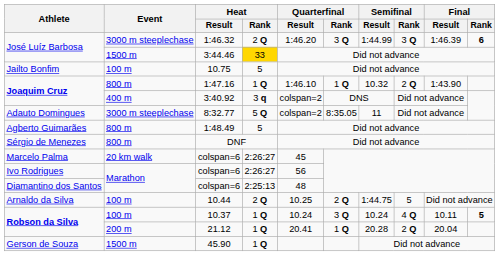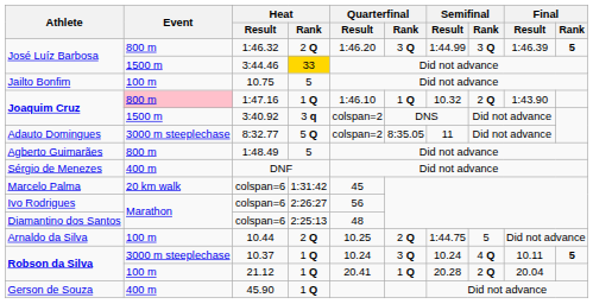 <table class="wikitable" style="font-size:90%">
 <tr>
 <th rowspan="2">Athlete</th>
 <th rowspan="2">Event</th>
 <th colspan="2">Heat</th>
 <th colspan="2">Quarterfinal</th>
 <th colspan="2">Semifinal</th>
 <th colspan="2">Final</th>
 </tr>
 <tr style="font-size:95%">
 <th>Result</th>
 <th>Rank</th>
 <th>Result</th>
 <th>Rank</th>
 <th>Result</th>
 <th>Rank</th>
 <th>Result</th>
 <th>Rank</th>
 </tr>
 <tr align=center>
 <td align=left rowspan="2"><a href='#'>José Luíz Barbosa</a></td>
-<td align=left><a href='#'>3000 m steeplechase</a></td>
+<td align=left><a href='#'>800 m</a></td>
 <td>1:46.32</td>
 <td>2 <strong>Q</strong></td>
 <td>1:46.20</td>
 <td>3 <strong>Q</strong></td>
 <td>1:44.99</td>
 <td>3 <strong>Q</strong></td>
 <td>1:46.39</td>
-<td><strong>6</strong></td>
+<td><strong>5</strong></td>
 </tr>
 <tr align=center>
 <td align=left><a href='#'>1500 m</a></td>
 <td>3:44.46</td>
 <td style="background: gold;">33</td>
 <td colspan=6>Did not advance</td>
 </tr>
 <tr align=center>
 <td align=left rowspan="1"><a href='#'>Jailto Bonfim</a></td>
 <td align=left><a href='#'>100 m</a></td>
 <td>10.75</td>
 <td>5</td>
 <td colspan=6>Did not advance</td>
 </tr>
 <tr align=center>
 <td align=left rowspan="2"><strong><a href='#'>Joaquim Cruz</a></strong></td>
-<td align=left><a href='#'>800 m</a></td>
+<td align=left style="background: pink;"><a href='#'>800 m</a></td>
 <td>1:47.16</td>
 <td>1 <strong>Q</strong></td>
 <td>1:46.10</td>
 <td>1 <strong>Q</strong></td>
 <td>10.32</td>
 <td>2 <strong>Q</strong></td>
 <td>1:43.90</td>
 <td></td>
 </tr>
 <tr align=center>
-<td align=left rowspan="1"><a href='#'>400 m</a></td>
+<td align=left><a href='#'>1500 m</a></td>
 <td>3:40.92</td>
 <td>3 <strong>q</strong></td>
 <td>colspan=2 </td>
 <td colspan=2>DNS</td>
 <td colspan=2>Did not advance</td>
 </tr>
 <tr align=center>
 <td align=left rowspan="1"><a href='#'>Adauto Domingues</a></td>
 <td align=left><a href='#'>3000 m steeplechase</a></td>
 <td>8:32.77</td>
 <td>5 <strong>Q</strong></td>
 <td>colspan=2 </td>
 <td>8:35.05</td>
 <td>11</td>
 <td colspan=2>Did not advance</td>
 </tr>
 <tr align=center>
 <td align=left rowspan="1"><a href='#'>Agberto Guimarães</a></td>
 <td align=left><a href='#'>800 m</a></td>
 <td>1:48.49</td>
 <td>5</td>
 <td colspan=6>Did not advance</td>
 </tr>
 <tr align=center>
 <td align=left rowspan="1"><a href='#'>Sérgio de Menezes</a></td>
-<td align=left><a href='#'>800 m</a></td>
+<td align=left rowspan="1"><a href='#'>400 m</a></td>
 <td colspan=2>DNF</td>
 <td colspan=6>Did not advance</td>
 </tr>
 <tr align=center>
 <td align=left rowspan="1"><a href='#'>Marcelo Palma</a></td>
 <td align=left><a href='#'>20 km walk</a></td>
 <td>colspan=6 </td>
-<td>2:26:27</td>
+<td>1:31:42</td>
 <td>45</td>
 </tr>
 <tr align=center>
 <td align=left rowspan="1"><a href='#'>Ivo Rodrigues</a></td>
 <td align=left rowspan="2"><a href='#'>Marathon</a></td>
 <td>colspan=6 </td>
 <td>2:26:27</td>
 <td>56</td>
 </tr>
 <tr align=center>
 <td align=left rowspan="1"><a href='#'>Diamantino dos Santos</a></td>
 <td>colspan=6 </td>
 <td>2:25:13</td>
 <td>48</td>
 </tr>
 <tr align=center>
 <td align=left rowspan="1"><a href='#'>Arnaldo da Silva</a></td>
 <td align=left rowspan="1"><a href='#'>100 m</a></td>
 <td>10.44</td>
 <td>2 <strong>Q</strong></td>
 <td>10.25</td>
 <td>2 <strong>Q</strong></td>
 <td>1:44.75</td>
 <td>5</td>
 <td colspan=2>Did not advance</td>
 </tr>
 <tr align=center>
 <td align=left rowspan="2"><strong><a href='#'>Robson da Silva</a></strong></td>
-<td align=left><a href='#'>100 m</a></td>
+<td align=left><a href='#'>3000 m steeplechase</a></td>
 <td>10.37</td>
 <td>1 <strong>Q</strong></td>
 <td>10.24</td>
 <td>3 <strong>Q</strong></td>
 <td>10.24</td>
 <td>4 <strong>Q</strong></td>
 <td>10.11</td>
 <td><strong>5</strong></td>
 </tr>
 <tr align=center>
-<td align=left><a href='#'>200 m</a></td>
+<td align=left><a href='#'>100 m</a></td>
 <td>21.12</td>
 <td>1 <strong>Q</strong></td>
 <td>20.41</td>
 <td>1 <strong>Q</strong></td>
 <td>20.28</td>
 <td>2 <strong>Q</strong></td>
 <td>20.04</td>
 <td></td>
 </tr>
 <tr align=center>
 <td align=left rowspan="1"><a href='#'>Gerson de Souza</a></td>
-<td align=left><a href='#'>1500 m</a></td>
+<td align=left rowspan="1"><a href='#'>400 m</a></td>
 <td>45.90</td>
 <td>1 <strong>Q</strong></td>
 <td></td>
 <td></td>
 <td colspan=6>Did not advance</td>
 </tr>
 </table>
